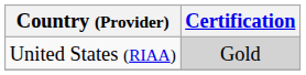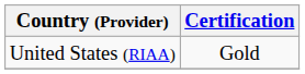 <table class="wikitable sortable">
 <tr>
 <th>Country <small>(Provider)</small></th>
 <th><a href='#'>Certification</a></th>
 </tr>
 <tr>
 <td>United States <small>(<a href='#'>RIAA</a>)</small></td>
-<td style="background: lightgrey; text-align:center;">Gold</td>
+<td style="text-align:center;">Gold</td>
 </tr>
 <tr>
 </tr>
 </table>
